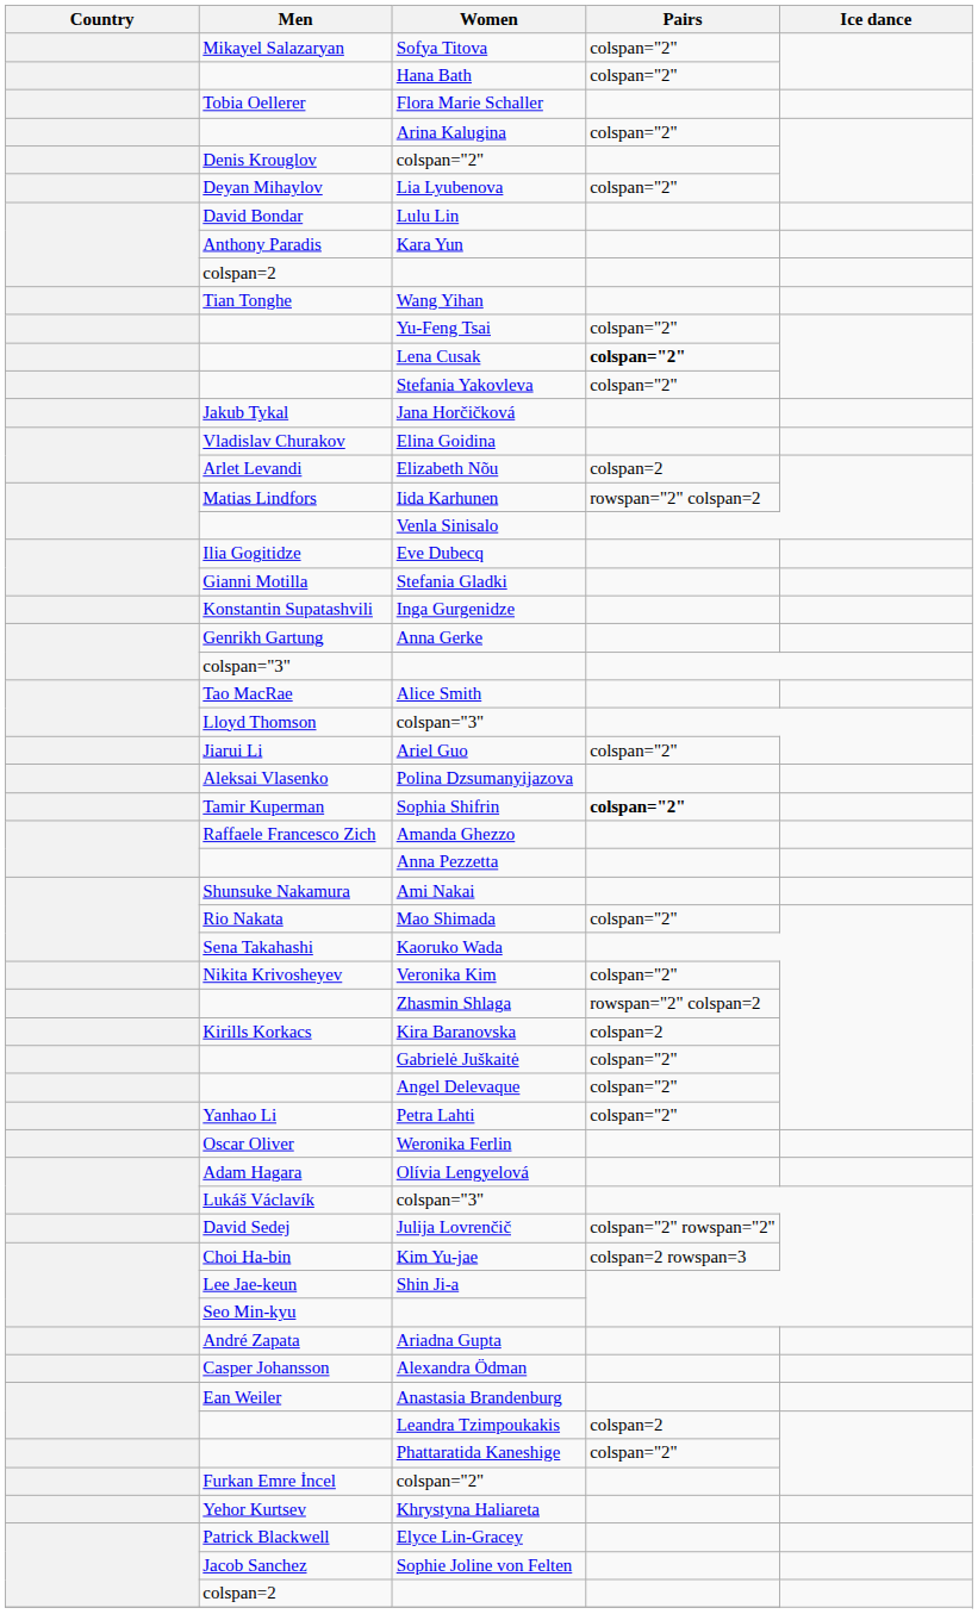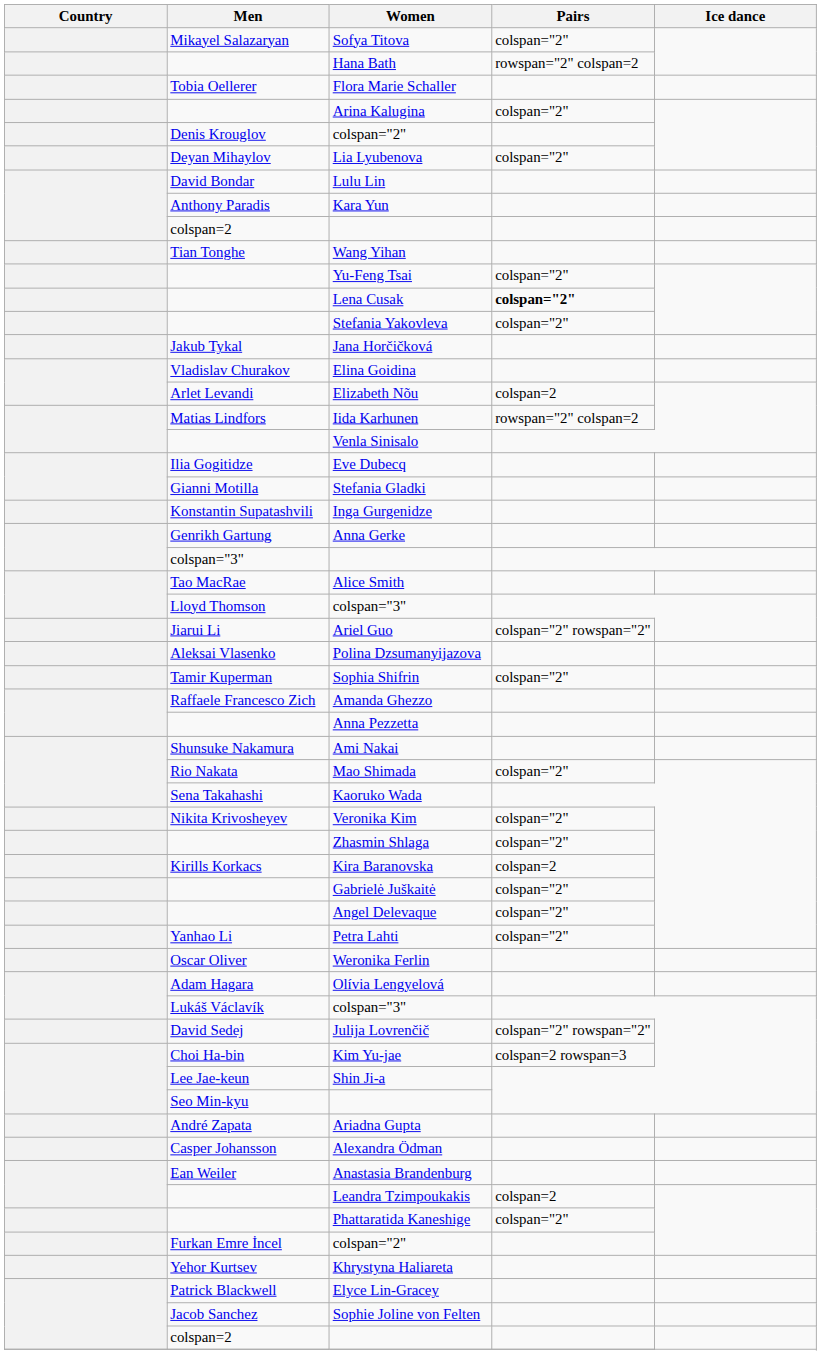 <table class="wikitable sortable" style="text-align:left width:100%">
 <tr>
 <th scope="col" style="width:20%">Country</th>
 <th scope="col" style="width:20%">Men</th>
 <th scope="col" style="width:20%">Women</th>
 <th scope="col" style="width:20%">Pairs</th>
 <th scope="col" style="width:20%">Ice dance</th>
 </tr>
 <tr>
 <th scope="row" style="text-align:left"></th>
 <td><a href='#'>Mikayel Salazaryan</a></td>
 <td><a href='#'>Sofya Titova</a></td>
 <td>colspan="2" </td>
 </tr>
 <tr>
 <th scope="row" style="text-align:left"></th>
 <td></td>
 <td><a href='#'>Hana Bath</a></td>
-<td>colspan="2" </td>
+<td>rowspan="2" colspan=2 </td>
 </tr>
 <tr>
 <th scope="row" style="text-align:left"></th>
 <td><a href='#'>Tobia Oellerer</a></td>
 <td><a href='#'>Flora Marie Schaller</a></td>
 <td></td>
 <td></td>
 </tr>
 <tr>
 <th scope="row" style="text-align:left"></th>
 <td></td>
 <td><a href='#'>Arina Kalugina</a></td>
 <td>colspan="2" </td>
 </tr>
 <tr>
 <th scope="row" style="text-align:left"></th>
 <td><a href='#'>Denis Krouglov</a></td>
 <td>colspan="2" </td>
 <td></td>
 </tr>
 <tr>
 <th scope="row" style="text-align:left"></th>
 <td><a href='#'>Deyan Mihaylov</a></td>
 <td><a href='#'>Lia Lyubenova</a></td>
 <td>colspan="2" </td>
 </tr>
 <tr>
 <th rowspan="3" scope="row" style="text-align:left"></th>
 <td><a href='#'>David Bondar</a></td>
 <td><a href='#'>Lulu Lin</a></td>
 <td></td>
 <td></td>
 </tr>
 <tr>
 <td><a href='#'>Anthony Paradis</a></td>
 <td><a href='#'>Kara Yun</a></td>
 <td></td>
 <td></td>
 </tr>
 <tr>
 <td>colspan=2 </td>
 <td></td>
 <td></td>
 </tr>
 <tr>
 <th scope="row" style="text-align:left"></th>
 <td><a href='#'>Tian Tonghe</a></td>
 <td><a href='#'>Wang Yihan</a></td>
 <td></td>
 <td></td>
 </tr>
 <tr>
 <th scope="row" style="text-align:left"></th>
 <td></td>
 <td><a href='#'>Yu-Feng Tsai</a></td>
 <td>colspan="2" </td>
 </tr>
 <tr>
 <th scope="row" style="text-align:left"></th>
 <td></td>
 <td><a href='#'>Lena Cusak</a></td>
 <td><strong>colspan="2" </strong></td>
 </tr>
 <tr>
 <th scope="row" style="text-align:left"></th>
 <td></td>
 <td><a href='#'>Stefania Yakovleva</a></td>
 <td>colspan="2" </td>
 </tr>
 <tr>
 <th scope="row" style="text-align:left"></th>
 <td><a href='#'>Jakub Tykal</a></td>
 <td><a href='#'>Jana Horčičková</a></td>
 <td></td>
 <td></td>
 </tr>
 <tr>
 <th rowspan="2" scope="row" style="text-align:left"></th>
 <td><a href='#'>Vladislav Churakov</a></td>
 <td><a href='#'>Elina Goidina</a></td>
 <td></td>
 <td></td>
 </tr>
 <tr>
 <td><a href='#'>Arlet Levandi</a></td>
 <td><a href='#'>Elizabeth Nõu</a></td>
 <td>colspan=2 </td>
 </tr>
 <tr>
 <th rowspan="2" scope="row" style="text-align:left"></th>
 <td><a href='#'>Matias Lindfors</a></td>
 <td><a href='#'>Iida Karhunen</a></td>
 <td>rowspan="2" colspan=2 </td>
 </tr>
 <tr>
 <td></td>
 <td><a href='#'>Venla Sinisalo</a></td>
 </tr>
 <tr>
 <th rowspan="2" scope="row" style="text-align:left"></th>
 <td><a href='#'>Ilia Gogitidze</a></td>
 <td><a href='#'>Eve Dubecq</a></td>
 <td></td>
 <td></td>
 </tr>
 <tr>
 <td><a href='#'>Gianni Motilla</a></td>
 <td><a href='#'>Stefania Gladki</a></td>
 <td></td>
 <td></td>
 </tr>
 <tr>
 <th scope="row" style="text-align:left"></th>
 <td><a href='#'>Konstantin Supatashvili</a></td>
 <td><a href='#'>Inga Gurgenidze</a></td>
 <td></td>
 <td></td>
 </tr>
 <tr>
 <th rowspan="2" scope="row" style="text-align:left"></th>
 <td><a href='#'>Genrikh Gartung</a></td>
 <td><a href='#'>Anna Gerke</a></td>
 <td></td>
 <td></td>
 </tr>
 <tr>
 <td>colspan="3" </td>
 <td></td>
 </tr>
 <tr>
 <th rowspan="2" scope="row" style="text-align:left"></th>
 <td><a href='#'>Tao MacRae</a></td>
 <td><a href='#'>Alice Smith</a></td>
 <td></td>
 <td></td>
 </tr>
 <tr>
 <td><a href='#'>Lloyd Thomson</a></td>
 <td>colspan="3" </td>
 </tr>
 <tr>
 <th scope="row" style="text-align:left"></th>
 <td><a href='#'>Jiarui Li</a></td>
 <td><a href='#'>Ariel Guo</a></td>
-<td>colspan="2" </td>
+<td>colspan="2" rowspan="2" </td>
 </tr>
 <tr>
 <th scope="row" style="text-align:left"></th>
 <td><a href='#'>Aleksai Vlasenko</a></td>
 <td><a href='#'>Polina Dzsumanyijazova</a></td>
 <td></td>
 <td></td>
 </tr>
 <tr>
 <th scope="row" style="text-align:left"></th>
 <td><a href='#'>Tamir Kuperman</a></td>
 <td><a href='#'>Sophia Shifrin</a></td>
-<td><strong>colspan="2" </strong></td>
+<td>colspan="2" </td>
 </tr>
 <tr>
 <th rowspan="2" scope="row" style="text-align:left"></th>
 <td><a href='#'>Raffaele Francesco Zich</a></td>
 <td><a href='#'>Amanda Ghezzo</a></td>
 <td></td>
 <td></td>
 </tr>
 <tr>
 <td></td>
 <td><a href='#'>Anna Pezzetta</a></td>
 <td></td>
 <td></td>
 </tr>
 <tr>
 <th rowspan="3" scope="row" style="text-align:left"></th>
 <td><a href='#'>Shunsuke Nakamura</a></td>
 <td><a href='#'>Ami Nakai</a></td>
 <td></td>
 <td></td>
 </tr>
 <tr>
 <td><a href='#'>Rio Nakata</a></td>
 <td><a href='#'>Mao Shimada</a></td>
 <td>colspan="2" </td>
 </tr>
 <tr>
 <td><a href='#'>Sena Takahashi</a></td>
 <td><a href='#'>Kaoruko Wada</a></td>
 </tr>
 <tr>
 <th scope="row" style="text-align:left"></th>
 <td><a href='#'>Nikita Krivosheyev</a></td>
 <td><a href='#'>Veronika Kim</a></td>
 <td>colspan="2" </td>
 </tr>
 <tr>
 <th scope="row" style="text-align:left"></th>
 <td></td>
 <td><a href='#'>Zhasmin Shlaga</a></td>
-<td>rowspan="2" colspan=2 </td>
+<td>colspan="2" </td>
 </tr>
 <tr>
 <th scope="row" style="text-align:left"></th>
 <td><a href='#'>Kirills Korkacs</a></td>
 <td><a href='#'>Kira Baranovska</a></td>
 <td>colspan=2 </td>
 </tr>
 <tr>
 <th scope="row" style="text-align:left"></th>
 <td></td>
 <td><a href='#'>Gabrielė Juškaitė</a></td>
 <td>colspan="2" </td>
 </tr>
 <tr>
 <th scope="row" style="text-align:left"></th>
 <td></td>
 <td><a href='#'>Angel Delevaque</a></td>
 <td>colspan="2" </td>
 </tr>
 <tr>
 <th scope="row" style="text-align:left"></th>
 <td><a href='#'>Yanhao Li</a></td>
 <td><a href='#'>Petra Lahti</a></td>
 <td>colspan="2" </td>
 </tr>
 <tr>
 <th scope="row" style="text-align:left"></th>
 <td><a href='#'>Oscar Oliver</a></td>
 <td><a href='#'>Weronika Ferlin</a></td>
 <td></td>
 <td></td>
 </tr>
 <tr>
 <th rowspan="2" scope="row" style="text-align:left"></th>
 <td><a href='#'>Adam Hagara</a></td>
 <td><a href='#'>Olívia Lengyelová</a></td>
 <td></td>
 <td></td>
 </tr>
 <tr>
 <td><a href='#'>Lukáš Václavík</a></td>
 <td>colspan="3" </td>
 </tr>
 <tr>
 <th scope="row" style="text-align:left"></th>
 <td><a href='#'>David Sedej</a></td>
 <td><a href='#'>Julija Lovrenčič</a></td>
 <td>colspan="2" rowspan="2" </td>
 </tr>
 <tr>
 <th rowspan="3" scope="row" style="text-align:left"></th>
 <td><a href='#'>Choi Ha-bin</a></td>
 <td><a href='#'>Kim Yu-jae</a></td>
 <td>colspan=2 rowspan=3 </td>
 </tr>
 <tr>
 <td><a href='#'>Lee Jae-keun</a></td>
 <td><a href='#'>Shin Ji-a</a></td>
 </tr>
 <tr>
 <td><a href='#'>Seo Min-kyu</a></td>
 <td></td>
 </tr>
 <tr>
 <th scope="row" style="text-align:left"></th>
 <td><a href='#'>André Zapata</a></td>
 <td><a href='#'>Ariadna Gupta</a></td>
 <td></td>
 <td></td>
 </tr>
 <tr>
 <th scope="row" style="text-align:left"></th>
 <td><a href='#'>Casper Johansson</a></td>
 <td><a href='#'>Alexandra Ödman</a></td>
 <td></td>
 <td></td>
 </tr>
 <tr>
 <th rowspan="2" scope="row" style="text-align:left"></th>
 <td><a href='#'>Ean Weiler</a></td>
 <td><a href='#'>Anastasia Brandenburg</a></td>
 <td></td>
 <td></td>
 </tr>
 <tr>
 <td></td>
 <td><a href='#'>Leandra Tzimpoukakis</a></td>
 <td>colspan=2 </td>
 </tr>
 <tr>
 <th scope="row" style="text-align:left"></th>
 <td></td>
 <td><a href='#'>Phattaratida Kaneshige</a></td>
 <td>colspan="2" </td>
 </tr>
 <tr>
 <th scope="row" style="text-align:left"></th>
 <td><a href='#'>Furkan Emre İncel</a></td>
 <td>colspan="2" </td>
 <td></td>
 </tr>
 <tr>
 <th scope="row" style="text-align:left"></th>
 <td><a href='#'>Yehor Kurtsev</a></td>
 <td><a href='#'>Khrystyna Haliareta</a></td>
 <td></td>
 <td></td>
 </tr>
 <tr>
 <th rowspan="3" scope="row" style="text-align:left"></th>
 <td><a href='#'>Patrick Blackwell</a></td>
 <td><a href='#'>Elyce Lin-Gracey</a></td>
 <td></td>
 <td></td>
 </tr>
 <tr>
 <td><a href='#'>Jacob Sanchez</a></td>
 <td><a href='#'>Sophie Joline von Felten</a></td>
 <td></td>
 <td></td>
 </tr>
 <tr>
 <td>colspan=2 </td>
 <td></td>
 <td></td>
 </tr>
 <tr>
 </tr>
 </table>
